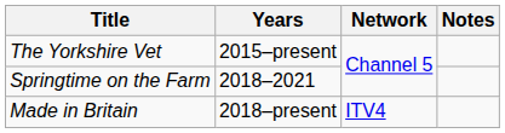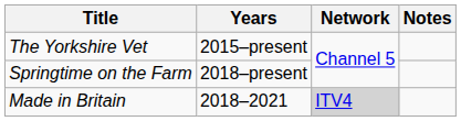 <table class="wikitable sortable">
 <tr>
 <th>Title</th>
 <th>Years</th>
 <th>Network</th>
 <th>Notes</th>
 </tr>
 <tr>
 <td><em>The Yorkshire Vet</em></td>
 <td>2015–present</td>
 <td rowspan="2"><a href='#'>Channel 5</a></td>
 <td></td>
 </tr>
 <tr>
 <td><em>Springtime on the Farm</em></td>
-<td>2018–2021</td>
+<td>2018–present</td>
 <td></td>
 </tr>
 <tr>
 <td><em>Made in Britain</em></td>
-<td>2018–present</td>
-<td><a href='#'>ITV4</a></td>
+<td>2018–2021</td>
+<td style="background: lightgrey;"><a href='#'>ITV4</a></td>
 </tr>
 </table>
